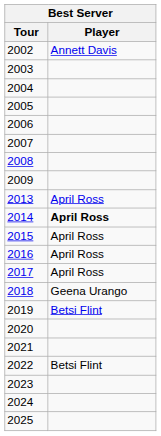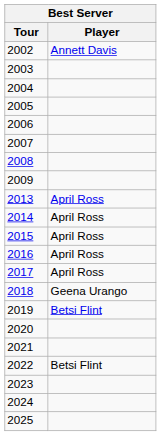 <table class="wikitable" style="margin:0.5em auto;width=480;font-size:100%">
 <tr>
 <th width=200 colspan=2>Best Server</th>
 </tr>
 <tr>
 <th width=30>Tour</th>
 <th width=100>Player</th>
 </tr>
 <tr>
 <td>2002</td>
 <td><a href='#'>Annett Davis</a></td>
 </tr>
 <tr>
 <td>2003</td>
 <td></td>
 </tr>
 <tr>
 <td>2004</td>
 <td></td>
 </tr>
 <tr>
 <td>2005</td>
 <td></td>
 </tr>
 <tr>
 <td>2006</td>
 <td></td>
 </tr>
 <tr>
 <td>2007</td>
 <td></td>
 </tr>
 <tr>
 <td><a href='#'>2008</a></td>
 <td></td>
 </tr>
 <tr>
 <td>2009</td>
 <td></td>
 </tr>
 <tr>
 <td><a href='#'>2013</a></td>
 <td><a href='#'>April Ross</a></td>
 </tr>
 <tr>
 <td><a href='#'>2014</a></td>
-<td><strong>April Ross</strong></td>
+<td>April Ross</td>
 </tr>
 <tr>
 <td><a href='#'>2015</a></td>
 <td>April Ross</td>
 </tr>
 <tr>
 <td><a href='#'>2016</a></td>
 <td>April Ross</td>
 </tr>
 <tr>
 <td><a href='#'>2017</a></td>
 <td>April Ross</td>
 </tr>
 <tr>
 <td><a href='#'>2018</a></td>
 <td>Geena Urango</td>
 </tr>
 <tr>
 <td 2019 AVP Pro Beach Volleyball Tour>2019</td>
 <td><a href='#'>Betsi Flint</a></td>
 </tr>
 <tr>
 <td>2020</td>
 <td></td>
 </tr>
 <tr>
 <td>2021</td>
 <td></td>
 </tr>
 <tr>
 <td>2022</td>
 <td>Betsi Flint</td>
 </tr>
 <tr>
 <td>2023</td>
 <td></td>
 </tr>
 <tr>
 <td>2024</td>
 <td></td>
 </tr>
 <tr>
 <td>2025</td>
 <td></td>
 </tr>
 </table>
